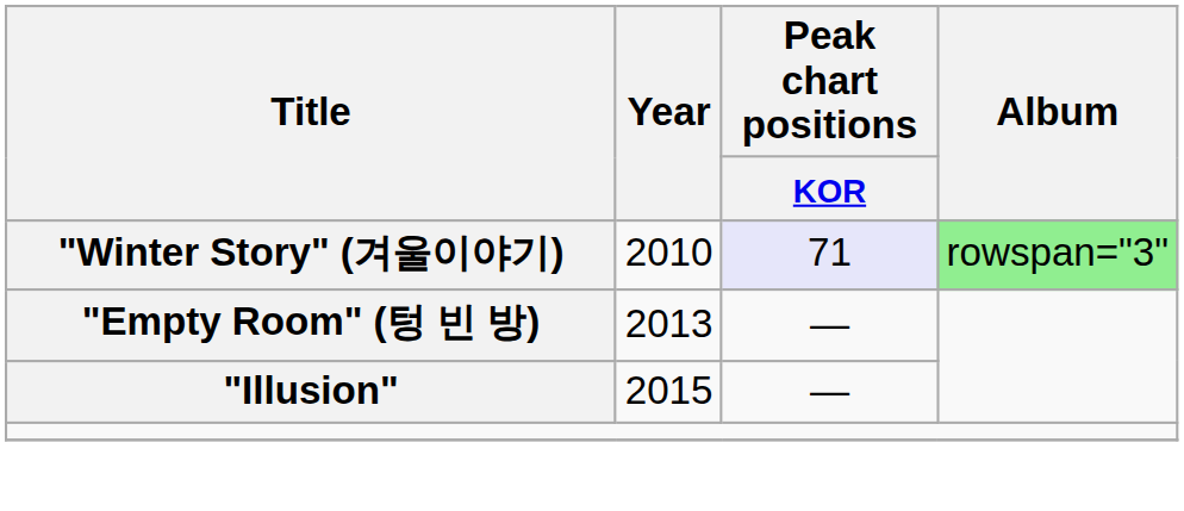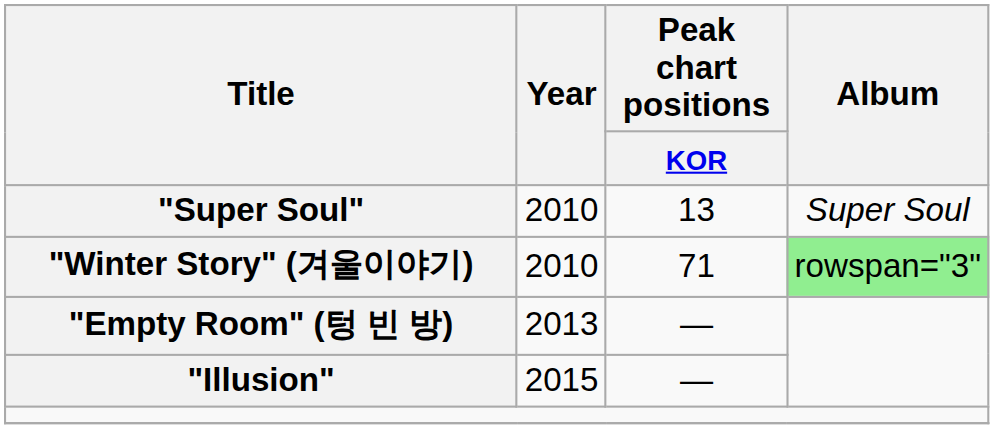 <table class="wikitable plainrowheaders" style="text-align:center;">
 <tr>
 <th scope="col" rowspan="2" style="width:15em;">Title</th>
 <th scope="col" rowspan="2">Year</th>
 <th scope="col" colspan="1" style="width:5em;">Peak chart positions</th>
 <th scope="col" rowspan="2">Album</th>
 </tr>
 <tr>
 <th><small><a href='#'>KOR</a></small><br></th>
 </tr>
 <tr>
+<th scope="row">"Super Soul"</th>
+<td>2010</td>
+<td>13</td>
+<td><em>Super Soul</em></td>
+</tr>
+<tr>
 <th scope="row">"Winter Story" (겨울이야기)<br></th>
 <td>2010</td>
-<td style="background: lavender;">71</td>
+<td>71</td>
 <td style="background: lightgreen;">rowspan="3" </td>
 </tr>
 <tr>
 <th scope="row">"Empty Room" (텅 빈 방)</th>
 <td>2013</td>
 <td>—</td>
 </tr>
 <tr>
 <th scope="row">"Illusion"<br></th>
 <td>2015</td>
 <td>—</td>
 </tr>
 <tr>
 <td colspan="4"></td>
 </tr>
 <tr>
 </tr>
 </table>
